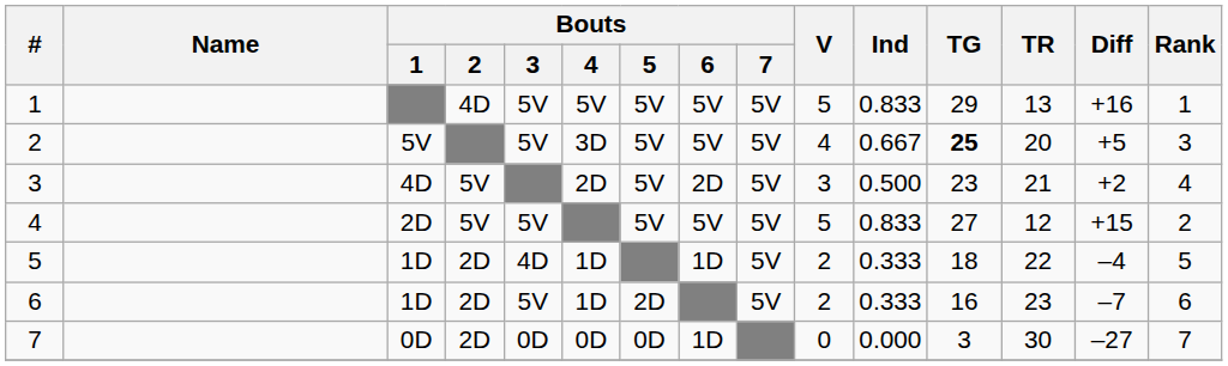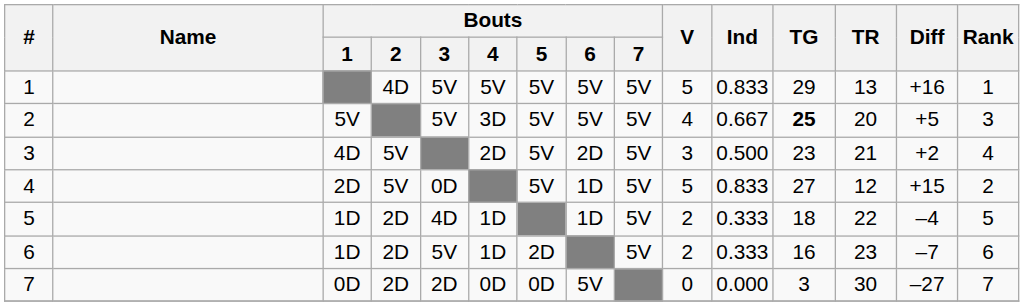 <table class="wikitable" style="text-align:center;">
 <tr>
 <th rowspan=2 width=30>#</th>
 <th rowspan=2 width=200>Name</th>
 <th colspan=7>Bouts</th>
 <th rowspan=2 width=30>V</th>
 <th rowspan=2 width=40>Ind</th>
 <th rowspan=2 width=40>TG</th>
 <th rowspan=2 width=40>TR</th>
 <th rowspan=2 width=40>Diff</th>
 <th rowspan=2 width=30>Rank</th>
 </tr>
 <tr>
 <th width=30>1</th>
 <th width=30>2</th>
 <th width=30>3</th>
 <th width=30>4</th>
 <th width=30>5</th>
 <th width=30>6</th>
 <th width=30>7</th>
 </tr>
 <tr>
 <td>1</td>
 <td align=left></td>
 <td bgcolor=grey></td>
 <td>4D</td>
 <td>5V</td>
 <td>5V</td>
 <td>5V</td>
 <td>5V</td>
 <td>5V</td>
 <td>5</td>
 <td>0.833</td>
 <td>29</td>
 <td>13</td>
 <td>+16</td>
 <td>1</td>
 </tr>
 <tr>
 <td>2</td>
 <td align=left></td>
 <td>5V</td>
 <td bgcolor=grey></td>
 <td>5V</td>
 <td>3D</td>
 <td>5V</td>
 <td>5V</td>
 <td>5V</td>
 <td>4</td>
 <td>0.667</td>
 <td><strong>25</strong></td>
 <td>20</td>
 <td>+5</td>
 <td>3</td>
 </tr>
 <tr>
 <td>3</td>
 <td align=left></td>
 <td>4D</td>
 <td>5V</td>
 <td bgcolor=grey></td>
 <td>2D</td>
 <td>5V</td>
 <td>2D</td>
 <td>5V</td>
 <td>3</td>
 <td>0.500</td>
 <td>23</td>
 <td>21</td>
 <td>+2</td>
 <td>4</td>
 </tr>
 <tr>
 <td>4</td>
 <td align=left></td>
 <td>2D</td>
 <td>5V</td>
-<td>5V</td>
+<td>0D</td>
 <td bgcolor=grey></td>
 <td>5V</td>
-<td>5V</td>
+<td>1D</td>
 <td>5V</td>
 <td>5</td>
 <td>0.833</td>
 <td>27</td>
 <td>12</td>
 <td>+15</td>
 <td>2</td>
 </tr>
 <tr>
 <td>5</td>
 <td align=left></td>
 <td>1D</td>
 <td>2D</td>
 <td>4D</td>
 <td>1D</td>
 <td bgcolor=grey></td>
 <td>1D</td>
 <td>5V</td>
 <td>2</td>
 <td>0.333</td>
 <td>18</td>
 <td>22</td>
 <td>–4</td>
 <td>5</td>
 </tr>
 <tr>
 <td>6</td>
 <td align=left></td>
 <td>1D</td>
 <td>2D</td>
 <td>5V</td>
 <td>1D</td>
 <td>2D</td>
 <td bgcolor=grey></td>
 <td>5V</td>
 <td>2</td>
 <td>0.333</td>
 <td>16</td>
 <td>23</td>
 <td>–7</td>
 <td>6</td>
 </tr>
 <tr>
 <td>7</td>
 <td align=left></td>
 <td>0D</td>
 <td>2D</td>
+<td>2D</td>
 <td>0D</td>
 <td>0D</td>
-<td>0D</td>
-<td>1D</td>
+<td>5V</td>
 <td bgcolor=grey></td>
 <td>0</td>
 <td>0.000</td>
 <td>3</td>
 <td>30</td>
 <td>–27</td>
 <td>7</td>
 </tr>
 <tr>
 </tr>
 </table>
